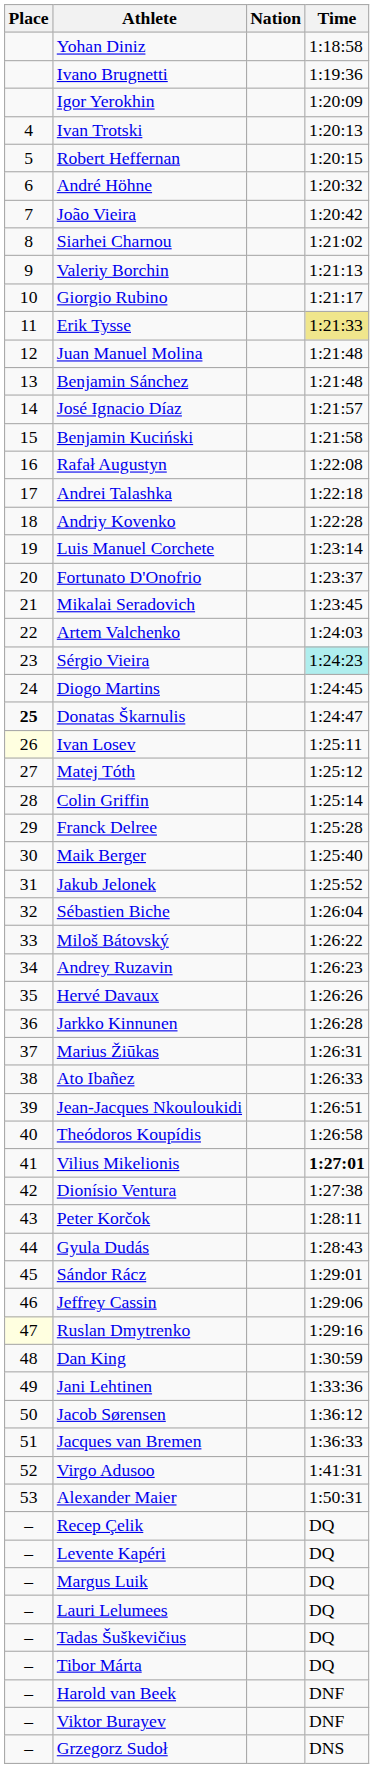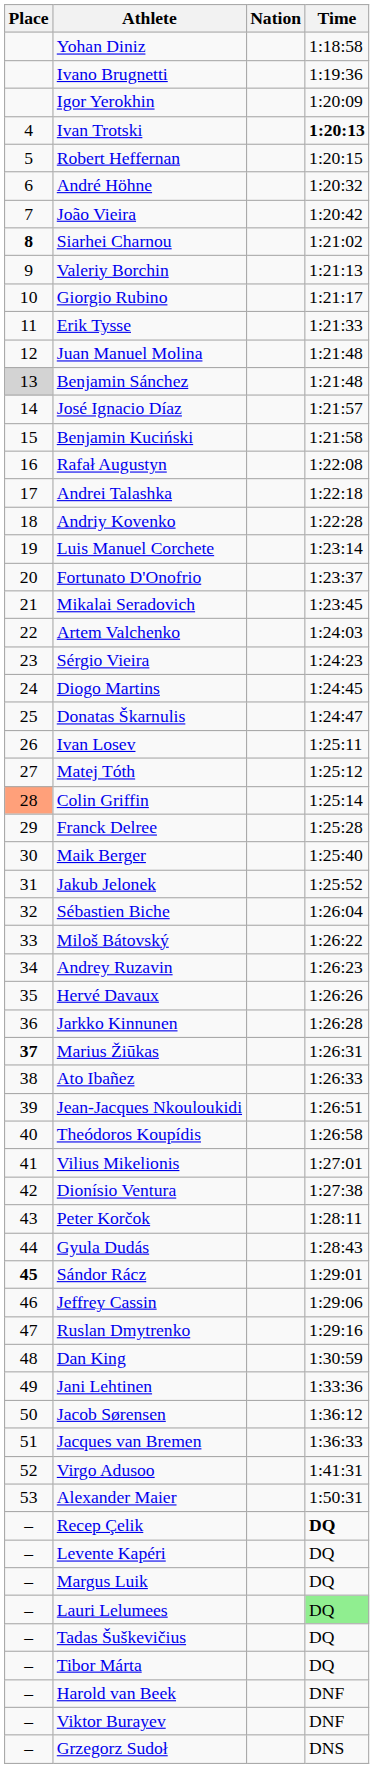 <table class=wikitable>
 <tr>
 <th>Place</th>
 <th>Athlete</th>
 <th>Nation</th>
 <th>Time</th>
 </tr>
 <tr>
 <td align=center></td>
 <td><a href='#'>Yohan Diniz</a></td>
 <td></td>
 <td>1:18:58</td>
 </tr>
 <tr>
 <td align=center></td>
 <td><a href='#'>Ivano Brugnetti</a></td>
 <td></td>
 <td>1:19:36</td>
 </tr>
 <tr>
 <td align=center></td>
 <td><a href='#'>Igor Yerokhin</a></td>
 <td></td>
 <td>1:20:09</td>
 </tr>
 <tr>
 <td align=center>4</td>
 <td><a href='#'>Ivan Trotski</a></td>
 <td></td>
-<td>1:20:13</td>
+<td><strong>1:20:13</strong></td>
 </tr>
 <tr>
 <td align=center>5</td>
 <td><a href='#'>Robert Heffernan</a></td>
 <td></td>
 <td>1:20:15</td>
 </tr>
 <tr>
 <td align=center>6</td>
 <td><a href='#'>André Höhne</a></td>
 <td></td>
 <td>1:20:32</td>
 </tr>
 <tr>
 <td align=center>7</td>
 <td><a href='#'>João Vieira</a></td>
 <td></td>
 <td>1:20:42</td>
 </tr>
 <tr>
-<td align=center>8</td>
+<td align=center><strong>8</strong></td>
 <td><a href='#'>Siarhei Charnou</a></td>
 <td></td>
 <td>1:21:02</td>
 </tr>
 <tr>
 <td align=center>9</td>
 <td><a href='#'>Valeriy Borchin</a></td>
 <td></td>
 <td>1:21:13</td>
 </tr>
 <tr>
 <td align=center>10</td>
 <td><a href='#'>Giorgio Rubino</a></td>
 <td></td>
 <td>1:21:17</td>
 </tr>
 <tr>
 <td align=center>11</td>
 <td><a href='#'>Erik Tysse</a></td>
 <td></td>
-<td style="background: khaki;">1:21:33</td>
+<td>1:21:33</td>
 </tr>
 <tr>
 <td align=center>12</td>
 <td><a href='#'>Juan Manuel Molina</a></td>
 <td></td>
 <td>1:21:48</td>
 </tr>
 <tr>
-<td align=center>13</td>
+<td align=center style="background: lightgrey;">13</td>
 <td><a href='#'>Benjamin Sánchez</a></td>
 <td></td>
 <td>1:21:48</td>
 </tr>
 <tr>
 <td align=center>14</td>
 <td><a href='#'>José Ignacio Díaz</a></td>
 <td></td>
 <td>1:21:57</td>
 </tr>
 <tr>
 <td align=center>15</td>
 <td><a href='#'>Benjamin Kuciński</a></td>
 <td></td>
 <td>1:21:58</td>
 </tr>
 <tr>
 <td align=center>16</td>
 <td><a href='#'>Rafał Augustyn</a></td>
 <td></td>
 <td>1:22:08</td>
 </tr>
 <tr>
 <td align=center>17</td>
 <td><a href='#'>Andrei Talashka</a></td>
 <td></td>
 <td>1:22:18</td>
 </tr>
 <tr>
 <td align=center>18</td>
 <td><a href='#'>Andriy Kovenko</a></td>
 <td></td>
 <td>1:22:28</td>
 </tr>
 <tr>
 <td align=center>19</td>
 <td><a href='#'>Luis Manuel Corchete</a></td>
 <td></td>
 <td>1:23:14</td>
 </tr>
 <tr>
 <td align=center>20</td>
 <td><a href='#'>Fortunato D'Onofrio</a></td>
 <td></td>
 <td>1:23:37</td>
 </tr>
 <tr>
 <td align=center>21</td>
 <td><a href='#'>Mikalai Seradovich</a></td>
 <td></td>
 <td>1:23:45</td>
 </tr>
 <tr>
 <td align=center>22</td>
 <td><a href='#'>Artem Valchenko</a></td>
 <td></td>
 <td>1:24:03</td>
 </tr>
 <tr>
 <td align=center>23</td>
 <td><a href='#'>Sérgio Vieira</a></td>
 <td></td>
-<td style="background: paleturquoise;">1:24:23</td>
+<td>1:24:23</td>
 </tr>
 <tr>
 <td align=center>24</td>
 <td><a href='#'>Diogo Martins</a></td>
 <td></td>
 <td>1:24:45</td>
 </tr>
 <tr>
-<td align=center><strong>25</strong></td>
+<td align=center>25</td>
 <td><a href='#'>Donatas Škarnulis</a></td>
 <td></td>
 <td>1:24:47</td>
 </tr>
 <tr>
-<td align=center style="background: lightyellow;">26</td>
+<td align=center>26</td>
 <td><a href='#'>Ivan Losev</a></td>
 <td></td>
 <td>1:25:11</td>
 </tr>
 <tr>
 <td align=center>27</td>
 <td><a href='#'>Matej Tóth</a></td>
 <td></td>
 <td>1:25:12</td>
 </tr>
 <tr>
-<td align=center>28</td>
+<td align=center style="background: lightsalmon;">28</td>
 <td><a href='#'>Colin Griffin</a></td>
 <td></td>
 <td>1:25:14</td>
 </tr>
 <tr>
 <td align=center>29</td>
 <td><a href='#'>Franck Delree</a></td>
 <td></td>
 <td>1:25:28</td>
 </tr>
 <tr>
 <td align=center>30</td>
 <td><a href='#'>Maik Berger</a></td>
 <td></td>
 <td>1:25:40</td>
 </tr>
 <tr>
 <td align=center>31</td>
 <td><a href='#'>Jakub Jelonek</a></td>
 <td></td>
 <td>1:25:52</td>
 </tr>
 <tr>
 <td align=center>32</td>
 <td><a href='#'>Sébastien Biche</a></td>
 <td></td>
 <td>1:26:04</td>
 </tr>
 <tr>
 <td align=center>33</td>
 <td><a href='#'>Miloš Bátovský</a></td>
 <td></td>
 <td>1:26:22</td>
 </tr>
 <tr>
 <td align=center>34</td>
 <td><a href='#'>Andrey Ruzavin</a></td>
 <td></td>
 <td>1:26:23</td>
 </tr>
 <tr>
 <td align=center>35</td>
 <td><a href='#'>Hervé Davaux</a></td>
 <td></td>
 <td>1:26:26</td>
 </tr>
 <tr>
 <td align=center>36</td>
 <td><a href='#'>Jarkko Kinnunen</a></td>
 <td></td>
 <td>1:26:28</td>
 </tr>
 <tr>
-<td align=center>37</td>
+<td align=center><strong>37</strong></td>
 <td><a href='#'>Marius Žiūkas</a></td>
 <td></td>
 <td>1:26:31</td>
 </tr>
 <tr>
 <td align=center>38</td>
 <td><a href='#'>Ato Ibañez</a></td>
 <td></td>
 <td>1:26:33</td>
 </tr>
 <tr>
 <td align=center>39</td>
 <td><a href='#'>Jean-Jacques Nkouloukidi</a></td>
 <td></td>
 <td>1:26:51</td>
 </tr>
 <tr>
 <td align=center>40</td>
 <td><a href='#'>Theódoros Koupídis</a></td>
 <td></td>
 <td>1:26:58</td>
 </tr>
 <tr>
 <td align=center>41</td>
 <td><a href='#'>Vilius Mikelionis</a></td>
 <td></td>
-<td><strong>1:27:01</strong></td>
+<td>1:27:01</td>
 </tr>
 <tr>
 <td align=center>42</td>
 <td><a href='#'>Dionísio Ventura</a></td>
 <td></td>
 <td>1:27:38</td>
 </tr>
 <tr>
 <td align=center>43</td>
 <td><a href='#'>Peter Korčok</a></td>
 <td></td>
 <td>1:28:11</td>
 </tr>
 <tr>
 <td align=center>44</td>
 <td><a href='#'>Gyula Dudás</a></td>
 <td></td>
 <td>1:28:43</td>
 </tr>
 <tr>
-<td align=center>45</td>
+<td align=center><strong>45</strong></td>
 <td><a href='#'>Sándor Rácz</a></td>
 <td></td>
 <td>1:29:01</td>
 </tr>
 <tr>
 <td align=center>46</td>
 <td><a href='#'>Jeffrey Cassin</a></td>
 <td></td>
 <td>1:29:06</td>
 </tr>
 <tr>
-<td align=center style="background: lightyellow;">47</td>
+<td align=center>47</td>
 <td><a href='#'>Ruslan Dmytrenko</a></td>
 <td></td>
 <td>1:29:16</td>
 </tr>
 <tr>
 <td align=center>48</td>
 <td><a href='#'>Dan King</a></td>
 <td></td>
 <td>1:30:59</td>
 </tr>
 <tr>
 <td align=center>49</td>
 <td><a href='#'>Jani Lehtinen</a></td>
 <td></td>
 <td>1:33:36</td>
 </tr>
 <tr>
 <td align=center>50</td>
 <td><a href='#'>Jacob Sørensen</a></td>
 <td></td>
 <td>1:36:12</td>
 </tr>
 <tr>
 <td align=center>51</td>
 <td><a href='#'>Jacques van Bremen</a></td>
 <td></td>
 <td>1:36:33</td>
 </tr>
 <tr>
 <td align=center>52</td>
 <td><a href='#'>Virgo Adusoo</a></td>
 <td></td>
 <td>1:41:31</td>
 </tr>
 <tr>
 <td align=center>53</td>
 <td><a href='#'>Alexander Maier</a></td>
 <td></td>
 <td>1:50:31</td>
 </tr>
 <tr>
 <td align=center>–</td>
 <td><a href='#'>Recep Çelik</a></td>
 <td></td>
-<td>DQ</td>
+<td><strong>DQ</strong></td>
 </tr>
 <tr>
 <td align=center>–</td>
 <td><a href='#'>Levente Kapéri</a></td>
 <td></td>
 <td>DQ</td>
 </tr>
 <tr>
 <td align=center>–</td>
 <td><a href='#'>Margus Luik</a></td>
 <td></td>
 <td>DQ</td>
 </tr>
 <tr>
 <td align=center>–</td>
 <td><a href='#'>Lauri Lelumees</a></td>
 <td></td>
-<td>DQ</td>
+<td style="background: lightgreen;">DQ</td>
 </tr>
 <tr>
 <td align=center>–</td>
 <td><a href='#'>Tadas Šuškevičius</a></td>
 <td></td>
 <td>DQ</td>
 </tr>
 <tr>
 <td align=center>–</td>
 <td><a href='#'>Tibor Márta</a></td>
 <td></td>
 <td>DQ</td>
 </tr>
 <tr>
 <td align=center>–</td>
 <td><a href='#'>Harold van Beek</a></td>
 <td></td>
 <td>DNF</td>
 </tr>
 <tr>
 <td align=center>–</td>
 <td><a href='#'>Viktor Burayev</a></td>
 <td></td>
 <td>DNF</td>
 </tr>
 <tr>
 <td align=center>–</td>
 <td><a href='#'>Grzegorz Sudoł</a></td>
 <td></td>
 <td>DNS</td>
 </tr>
 </table>
